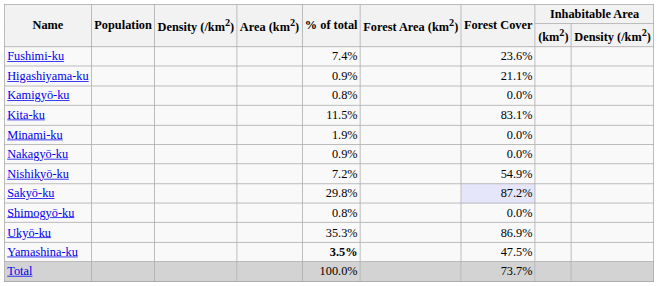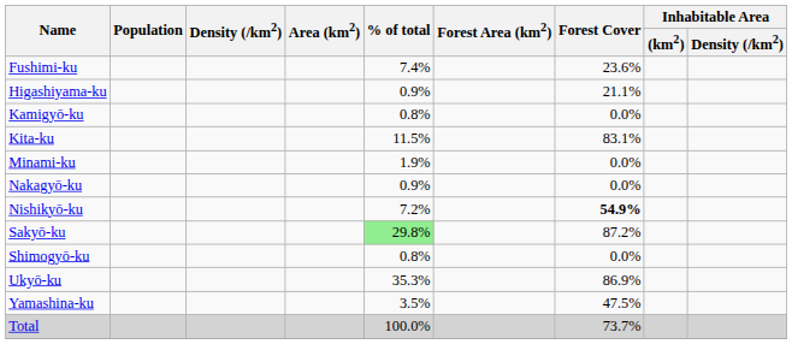 <table class="wikitable sortable" style="text-align:right">
 <tr>
 <th rowspan="2">Name</th>
 <th rowspan="2">Population</th>
 <th rowspan="2">Density (/km<sup>2</sup>)</th>
 <th rowspan="2">Area (km<sup>2</sup>)</th>
 <th rowspan="2">% of total</th>
 <th rowspan="2">Forest Area (km<sup>2</sup>)</th>
 <th rowspan="2">Forest Cover</th>
 <th colspan="2">Inhabitable Area</th>
 </tr>
 <tr>
 <th>(km<sup>2</sup>)</th>
 <th>Density (/km<sup>2</sup>)</th>
 </tr>
 <tr>
 <td style=text-align:left><a href='#'>Fushimi-ku</a></td>
 <td></td>
 <td></td>
 <td></td>
 <td>7.4%</td>
 <td></td>
 <td>23.6%</td>
 <td></td>
 <td></td>
 </tr>
 <tr>
 <td style=text-align:left><a href='#'>Higashiyama-ku</a></td>
 <td></td>
 <td></td>
 <td></td>
 <td>0.9%</td>
 <td></td>
 <td>21.1%</td>
 <td></td>
 <td></td>
 </tr>
 <tr>
 <td style=text-align:left><a href='#'>Kamigyō-ku</a></td>
 <td></td>
 <td></td>
 <td></td>
 <td>0.8%</td>
 <td></td>
 <td>0.0%</td>
 <td></td>
 <td></td>
 </tr>
 <tr>
 <td style=text-align:left><a href='#'>Kita-ku</a></td>
 <td></td>
 <td></td>
 <td></td>
 <td>11.5%</td>
 <td></td>
 <td>83.1%</td>
 <td></td>
 <td></td>
 </tr>
 <tr>
 <td style=text-align:left><a href='#'>Minami-ku</a></td>
 <td></td>
 <td></td>
 <td></td>
 <td>1.9%</td>
 <td></td>
 <td>0.0%</td>
 <td></td>
 <td></td>
 </tr>
 <tr>
 <td style=text-align:left><a href='#'>Nakagyō-ku</a></td>
 <td></td>
 <td></td>
 <td></td>
 <td>0.9%</td>
 <td></td>
 <td>0.0%</td>
 <td></td>
 <td></td>
 </tr>
 <tr>
 <td style=text-align:left><a href='#'>Nishikyō-ku</a></td>
 <td></td>
 <td></td>
 <td></td>
 <td>7.2%</td>
 <td></td>
-<td>54.9%</td>
+<td><strong>54.9%</strong></td>
 <td></td>
 <td></td>
 </tr>
 <tr>
 <td style=text-align:left><a href='#'>Sakyō-ku</a></td>
 <td></td>
 <td></td>
 <td></td>
-<td>29.8%</td>
+<td style="background: lightgreen;">29.8%</td>
 <td></td>
-<td style="background: lavender;">87.2%</td>
+<td>87.2%</td>
 <td></td>
 <td></td>
 </tr>
 <tr>
 <td style=text-align:left><a href='#'>Shimogyō-ku</a></td>
 <td></td>
 <td></td>
 <td></td>
 <td>0.8%</td>
 <td></td>
 <td>0.0%</td>
 <td></td>
 <td></td>
 </tr>
 <tr>
 <td style=text-align:left><a href='#'>Ukyō-ku</a></td>
 <td></td>
 <td></td>
 <td></td>
 <td>35.3%</td>
 <td></td>
 <td>86.9%</td>
 <td></td>
 <td></td>
 </tr>
 <tr>
 <td style=text-align:left><a href='#'>Yamashina-ku</a></td>
 <td></td>
 <td></td>
 <td></td>
-<td><strong>3.5%</strong></td>
+<td>3.5%</td>
 <td></td>
 <td>47.5%</td>
 <td></td>
 <td></td>
 </tr>
 <tr class="sortbottom" style="background-color:lightgray">
 <td style=text-align:left><a href='#'>Total</a></td>
 <td></td>
 <td></td>
 <td></td>
 <td>100.0%</td>
 <td></td>
 <td>73.7%</td>
 <td></td>
 <td></td>
 </tr>
 <tr>
 </tr>
 </table>
